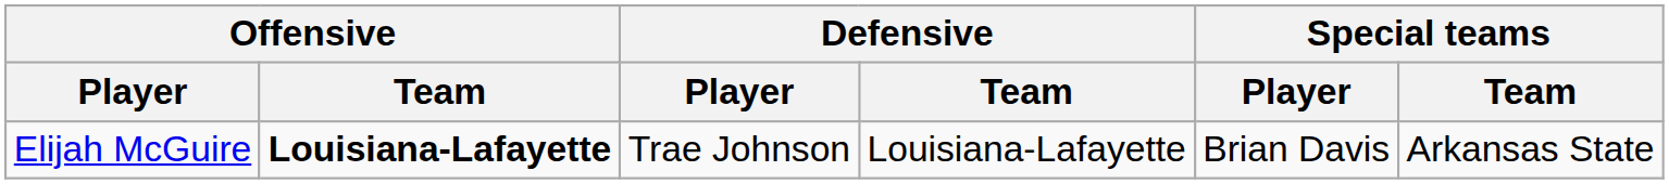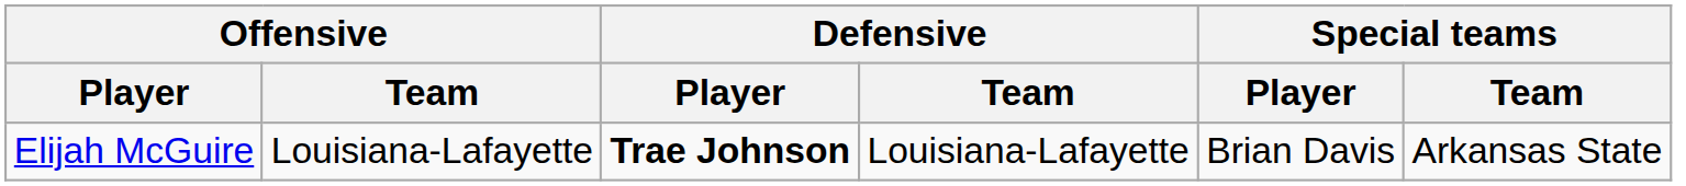 <table class="wikitable">
 <tr>
 <th colspan="2">Offensive</th>
 <th colspan="2">Defensive</th>
 <th colspan="2">Special teams</th>
 </tr>
 <tr>
 <th>Player</th>
 <th>Team</th>
 <th>Player</th>
 <th>Team</th>
 <th>Player</th>
 <th>Team</th>
 </tr>
 <tr>
 <td><a href='#'>Elijah McGuire</a></td>
-<td><strong>Louisiana-Lafayette</strong></td>
-<td>Trae Johnson</td>
+<td>Louisiana-Lafayette</td>
+<td><strong>Trae Johnson</strong></td>
 <td>Louisiana-Lafayette</td>
 <td>Brian Davis</td>
 <td>Arkansas State</td>
 </tr>
 </table>
